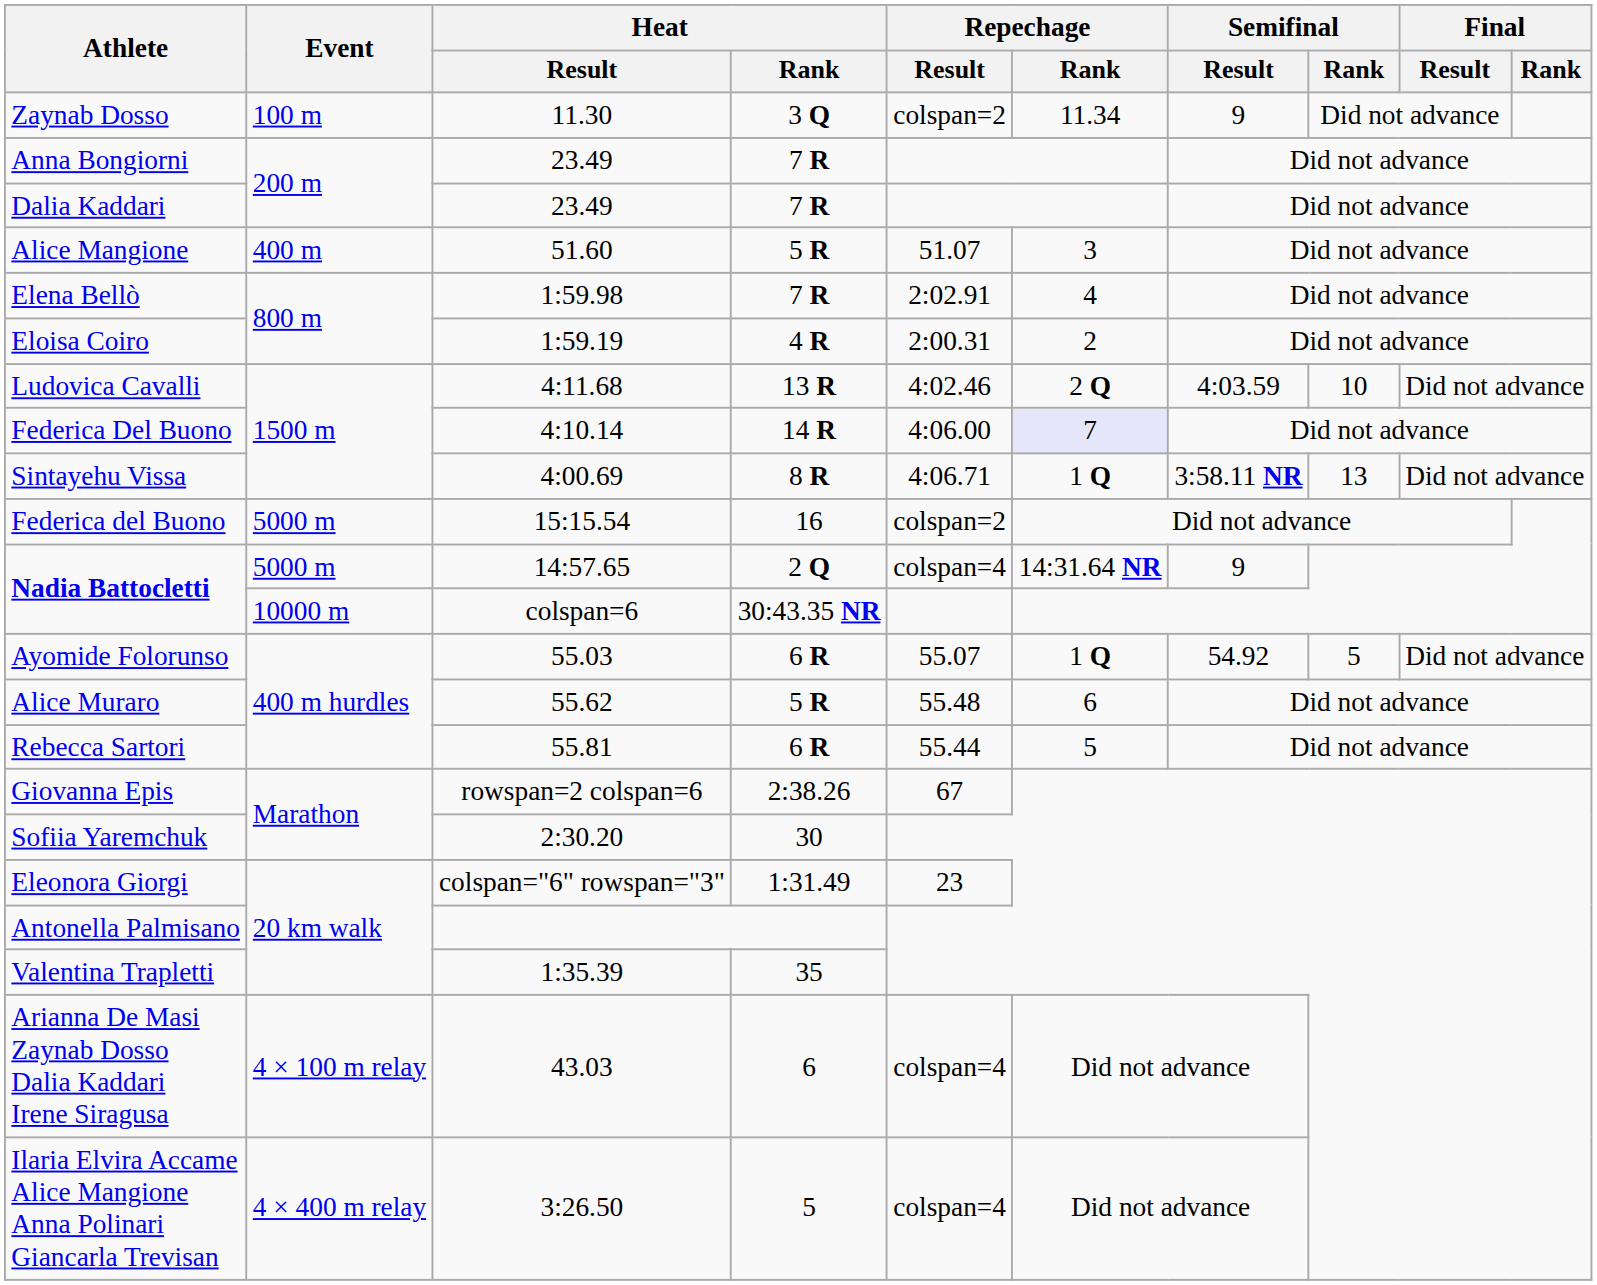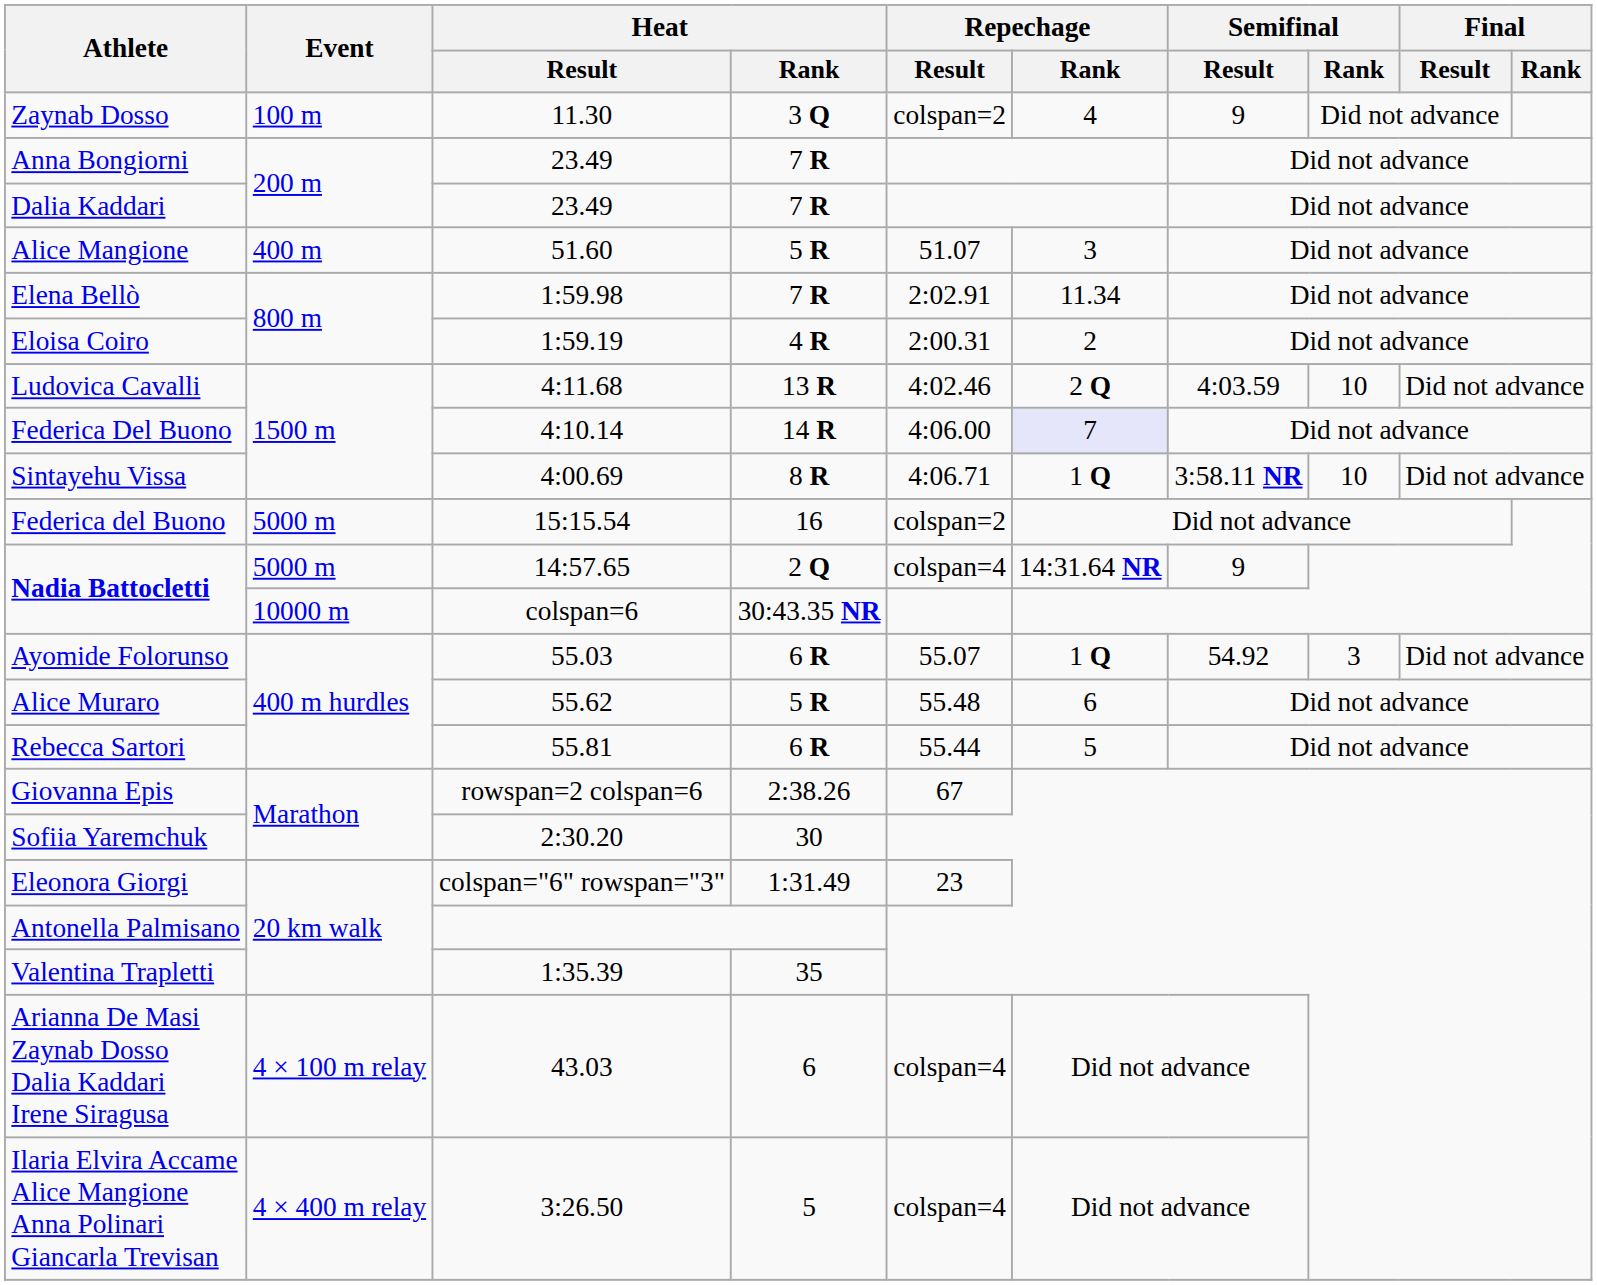 <table class="wikitable" style="font-size:90%">
 <tr>
 <th rowspan="2">Athlete</th>
 <th rowspan="2">Event</th>
 <th colspan="2">Heat</th>
 <th colspan="2">Repechage</th>
 <th colspan="2">Semifinal</th>
 <th colspan="2">Final</th>
 </tr>
 <tr style="font-size:95%">
 <th>Result</th>
 <th>Rank</th>
 <th>Result</th>
 <th>Rank</th>
 <th>Result</th>
 <th>Rank</th>
 <th>Result</th>
 <th>Rank</th>
 </tr>
 <tr align=center>
 <td align=left><a href='#'>Zaynab Dosso</a></td>
 <td align=left><a href='#'>100 m</a></td>
 <td>11.30</td>
 <td>3 <strong>Q</strong></td>
 <td>colspan=2 </td>
-<td>11.34</td>
+<td>4</td>
 <td>9</td>
 <td colspan=2>Did not advance</td>
 </tr>
 <tr align=center>
 <td align=left><a href='#'>Anna Bongiorni</a></td>
 <td rowspan="2" align="left"><a href='#'>200 m</a></td>
 <td>23.49</td>
 <td>7 <strong>R</strong></td>
 <td colspan=2></td>
 <td colspan=4>Did not advance</td>
 </tr>
 <tr align=center>
 <td align=left><a href='#'>Dalia Kaddari</a></td>
 <td>23.49</td>
 <td>7 <strong>R</strong></td>
 <td colspan=2></td>
 <td colspan=4>Did not advance</td>
 </tr>
 <tr align=center>
 <td align=left><a href='#'>Alice Mangione</a></td>
 <td align=left><a href='#'>400 m</a></td>
 <td>51.60</td>
 <td>5 <strong>R</strong></td>
 <td>51.07 <strong></strong></td>
 <td>3</td>
 <td colspan=4>Did not advance</td>
 </tr>
 <tr align=center>
 <td align=left><a href='#'>Elena Bellò</a></td>
 <td rowspan="2" align="left"><a href='#'>800 m</a></td>
 <td>1:59.98</td>
 <td>7 <strong>R</strong></td>
 <td>2:02.91</td>
-<td>4</td>
+<td>11.34</td>
 <td colspan=4>Did not advance</td>
 </tr>
 <tr align=center>
 <td align=left><a href='#'>Eloisa Coiro</a></td>
 <td>1:59.19 <strong></strong></td>
 <td>4 <strong>R</strong></td>
 <td>2:00.31</td>
 <td>2</td>
 <td colspan=4>Did not advance</td>
 </tr>
 <tr align=center>
 <td align=left><a href='#'>Ludovica Cavalli</a></td>
 <td align=left rowspan=3><a href='#'>1500 m</a></td>
 <td>4:11.68</td>
 <td>13 <strong>R</strong></td>
 <td>4:02.46</td>
 <td>2 <strong>Q</strong></td>
 <td>4:03.59</td>
 <td>10</td>
 <td colspan=2>Did not advance</td>
 </tr>
 <tr align=center>
 <td align=left><a href='#'>Federica Del Buono</a></td>
 <td>4:10.14</td>
 <td>14 <strong>R</strong></td>
 <td>4:06.00</td>
 <td style="background: lavender;">7</td>
 <td colspan=4>Did not advance</td>
 </tr>
 <tr align=center>
 <td align=left><a href='#'>Sintayehu Vissa</a></td>
 <td>4:00.69 <strong></strong></td>
 <td>8 <strong>R</strong></td>
 <td>4:06.71</td>
 <td>1 <strong>Q</strong></td>
 <td>3:58.11 <strong><a href='#'>NR</a></strong></td>
-<td>13</td>
+<td>10</td>
 <td colspan=2>Did not advance</td>
 </tr>
 <tr align=center>
 <td align=left><a href='#'>Federica del Buono</a></td>
 <td align=left><a href='#'>5000 m</a></td>
 <td>15:15.54</td>
 <td>16</td>
 <td>colspan=2</td>
 <td colspan=4>Did not advance</td>
 </tr>
 <tr align=center>
 <td align=left rowspan=2><strong><a href='#'>Nadia Battocletti</a></strong></td>
 <td align=left><a href='#'>5000 m</a></td>
 <td>14:57.65</td>
 <td>2 <strong>Q</strong></td>
 <td>colspan=4 </td>
 <td>14:31.64 <strong><a href='#'>NR</a></strong></td>
 <td>9</td>
 </tr>
 <tr align=center>
 <td align=left><a href='#'>10000 m</a></td>
 <td>colspan=6 </td>
 <td>30:43.35 <strong><a href='#'>NR</a></strong></td>
 <td></td>
 </tr>
 <tr align=center>
 <td align=left><a href='#'>Ayomide Folorunso</a></td>
 <td rowspan="3" align="left"><a href='#'>400 m hurdles</a></td>
 <td>55.03</td>
 <td>6 <strong>R</strong></td>
 <td>55.07</td>
 <td>1 <strong>Q</strong></td>
 <td>54.92</td>
-<td>5</td>
+<td>3</td>
 <td colspan=2>Did not advance</td>
 </tr>
 <tr align=center>
 <td align=left><a href='#'>Alice Muraro</a></td>
 <td>55.62</td>
 <td>5 <strong>R</strong></td>
 <td>55.48</td>
 <td>6</td>
 <td colspan=4>Did not advance</td>
 </tr>
 <tr align=center>
 <td align=left><a href='#'>Rebecca Sartori</a></td>
 <td>55.81</td>
 <td>6 <strong>R</strong></td>
 <td>55.44</td>
 <td>5</td>
 <td colspan=4>Did not advance</td>
 </tr>
 <tr align=center>
 <td align=left><a href='#'>Giovanna Epis</a></td>
 <td align=left rowspan=2><a href='#'>Marathon</a></td>
 <td>rowspan=2 colspan=6 </td>
 <td>2:38.26</td>
 <td>67</td>
 </tr>
 <tr align=center>
 <td align=left><a href='#'>Sofiia Yaremchuk</a></td>
 <td>2:30.20 <strong></strong></td>
 <td>30</td>
 </tr>
 <tr align=center>
 <td align=left><a href='#'>Eleonora Giorgi</a></td>
 <td rowspan="3" align=left><a href='#'>20 km walk</a></td>
 <td>colspan="6" rowspan="3" </td>
 <td>1:31.49</td>
 <td>23</td>
 </tr>
 <tr align=center>
 <td align=left><a href='#'>Antonella Palmisano</a></td>
 <td colspan="2"></td>
 </tr>
 <tr align="center">
 <td align="left"><a href='#'>Valentina Trapletti</a></td>
 <td>1:35.39</td>
 <td>35</td>
 </tr>
 <tr align=center>
 <td align=left><a href='#'>Arianna De Masi</a><br><a href='#'>Zaynab Dosso</a><br><a href='#'>Dalia Kaddari</a><br><a href='#'>Irene Siragusa</a></td>
 <td align=left><a href='#'>4 × 100 m relay</a></td>
 <td>43.03</td>
 <td>6</td>
 <td>colspan=4 </td>
 <td colspan=2>Did not advance</td>
 </tr>
 <tr align=center>
 <td align=left><a href='#'>Ilaria Elvira Accame</a><br><a href='#'>Alice Mangione</a><br><a href='#'>Anna Polinari</a><br><a href='#'>Giancarla Trevisan</a></td>
 <td align=left><a href='#'>4 × 400 m relay</a></td>
 <td>3:26.50</td>
 <td>5</td>
 <td>colspan=4 </td>
 <td colspan=2>Did not advance</td>
 </tr>
 </table>
